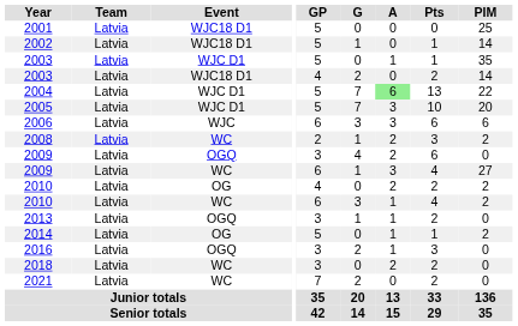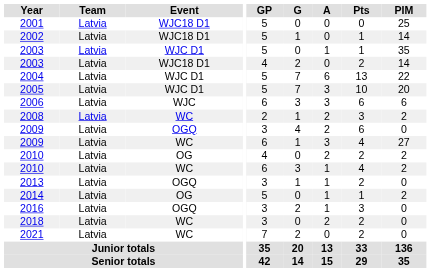 <table border="0" cellpadding="1" cellspacing="0" ID="Table3" style="text-align:center; width:40em">
 <tr bgcolor="#e0e0e0">
 <th>Year</th>
 <th>Team</th>
 <th>Event</th>
 <th rowspan="102" bgcolor="#ffffff"></th>
 <th>GP</th>
 <th>G</th>
 <th>A</th>
 <th>Pts</th>
 <th>PIM</th>
 </tr>
 <tr>
 <td><a href='#'>2001</a></td>
 <td><a href='#'>Latvia</a></td>
 <td><a href='#'>WJC18 D1</a></td>
 <td>5</td>
 <td>0</td>
 <td>0</td>
 <td>0</td>
 <td>25</td>
 </tr>
 <tr bgcolor="#f0f0f0">
 <td><a href='#'>2002</a></td>
 <td>Latvia</td>
 <td>WJC18 D1</td>
 <td>5</td>
 <td>1</td>
 <td>0</td>
 <td>1</td>
 <td>14</td>
 </tr>
 <tr>
 <td><a href='#'>2003</a></td>
 <td><a href='#'>Latvia</a></td>
 <td><a href='#'>WJC D1</a></td>
 <td>5</td>
 <td>0</td>
 <td>1</td>
 <td>1</td>
 <td>35</td>
 </tr>
 <tr bgcolor="#f0f0f0">
 <td><a href='#'>2003</a></td>
 <td>Latvia</td>
 <td>WJC18 D1</td>
 <td>4</td>
 <td>2</td>
 <td>0</td>
 <td>2</td>
 <td>14</td>
 </tr>
 <tr>
 <td><a href='#'>2004</a></td>
 <td>Latvia</td>
 <td>WJC D1</td>
 <td>5</td>
 <td>7</td>
-<td style="background: lightgreen;">6</td>
+<td>6</td>
 <td>13</td>
 <td>22</td>
 </tr>
 <tr bgcolor="#f0f0f0">
 <td><a href='#'>2005</a></td>
 <td>Latvia</td>
 <td>WJC D1</td>
 <td>5</td>
 <td>7</td>
 <td>3</td>
 <td>10</td>
 <td>20</td>
 </tr>
 <tr>
 <td><a href='#'>2006</a></td>
 <td>Latvia</td>
 <td>WJC</td>
 <td>6</td>
 <td>3</td>
 <td>3</td>
 <td>6</td>
 <td>6</td>
 </tr>
 <tr bgcolor="#f0f0f0">
 <td><a href='#'>2008</a></td>
 <td><a href='#'>Latvia</a></td>
 <td><a href='#'>WC</a></td>
 <td>2</td>
 <td>1</td>
 <td>2</td>
 <td>3</td>
 <td>2</td>
 </tr>
 <tr>
 <td><a href='#'>2009</a></td>
 <td>Latvia</td>
 <td><a href='#'>OGQ</a></td>
 <td>3</td>
 <td>4</td>
 <td>2</td>
 <td>6</td>
 <td>0</td>
 </tr>
 <tr bgcolor="#f0f0f0">
 <td><a href='#'>2009</a></td>
 <td>Latvia</td>
 <td>WC</td>
 <td>6</td>
 <td>1</td>
 <td>3</td>
 <td>4</td>
 <td>27</td>
 </tr>
 <tr>
 <td><a href='#'>2010</a></td>
 <td>Latvia</td>
 <td>OG</td>
 <td>4</td>
 <td>0</td>
 <td>2</td>
 <td>2</td>
 <td>2</td>
 </tr>
 <tr bgcolor="#f0f0f0">
 <td><a href='#'>2010</a></td>
 <td>Latvia</td>
 <td>WC</td>
 <td>6</td>
 <td>3</td>
 <td>1</td>
 <td>4</td>
 <td>2</td>
 </tr>
 <tr>
 <td><a href='#'>2013</a></td>
 <td>Latvia</td>
 <td>OGQ</td>
 <td>3</td>
 <td>1</td>
 <td>1</td>
 <td>2</td>
 <td>0</td>
 </tr>
 <tr bgcolor="#f0f0f0">
 <td><a href='#'>2014</a></td>
 <td>Latvia</td>
 <td>OG</td>
 <td>5</td>
 <td>0</td>
 <td>1</td>
 <td>1</td>
 <td>2</td>
 </tr>
 <tr>
 <td><a href='#'>2016</a></td>
 <td>Latvia</td>
 <td>OGQ</td>
 <td>3</td>
 <td>2</td>
 <td>1</td>
 <td>3</td>
 <td>0</td>
 </tr>
 <tr bgcolor="#f0f0f0">
 <td><a href='#'>2018</a></td>
 <td>Latvia</td>
 <td>WC</td>
 <td>3</td>
 <td>0</td>
 <td>2</td>
 <td>2</td>
 <td>0</td>
 </tr>
 <tr>
 <td><a href='#'>2021</a></td>
 <td>Latvia</td>
 <td>WC</td>
 <td>7</td>
 <td>2</td>
 <td>0</td>
 <td>2</td>
 <td>0</td>
 </tr>
 <tr bgcolor="#e0e0e0">
 <th colspan="3">Junior totals</th>
 <th>35</th>
 <th>20</th>
 <th>13</th>
 <th>33</th>
 <th>136</th>
 </tr>
 <tr bgcolor="#e0e0e0">
 <th colspan="3">Senior totals</th>
 <th>42</th>
 <th>14</th>
 <th>15</th>
 <th>29</th>
 <th>35</th>
 </tr>
 </table>
